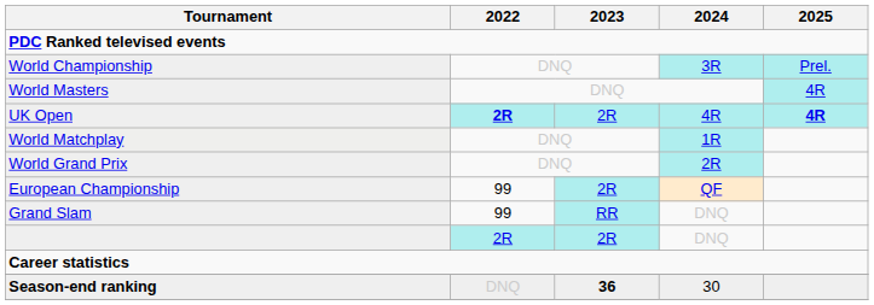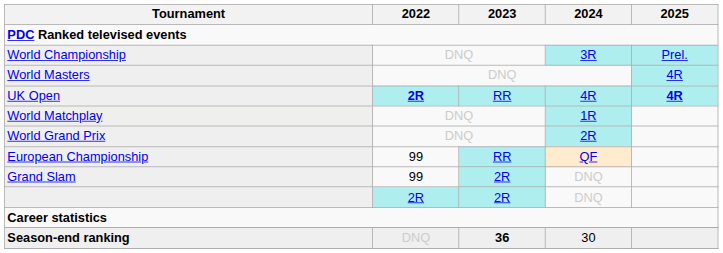 <table class="wikitable" style="width:45%; margin:0">
 <tr>
 <th>Tournament</th>
 <th>2022</th>
 <th>2023</th>
 <th>2024</th>
 <th>2025</th>
 </tr>
 <tr>
 <td colspan="15" align="left"><strong><a href='#'>PDC</a> Ranked televised events</strong></td>
 </tr>
 <tr>
 <td style="background:#efefef;"><a href='#'>World Championship</a></td>
 <td colspan="2" style="text-align:center; color:#ccc;">DNQ</td>
 <td style="text-align:center; background:#afeeee;"><a href='#'>3R</a></td>
 <td style="text-align:center; background:#afeeee;"><a href='#'>Prel.</a></td>
 </tr>
 <tr>
 <td style="background:#efefef;"><a href='#'>World Masters</a></td>
 <td colspan="3" style="text-align:center; color:#ccc;">DNQ</td>
 <td style="text-align:center; background:#afeeee;"><a href='#'>4R</a></td>
 </tr>
 <tr>
 <td style="background:#efefef;"><a href='#'>UK Open</a></td>
 <td style="text-align:center; background:#afeeee;"><strong><a href='#'>2R</a></strong></td>
-<td style="text-align:center; background:#afeeee;"><a href='#'>2R</a></td>
+<td style="text-align:center; background:#afeeee;"><a href='#'>RR</a></td>
 <td style="text-align:center; background:#afeeee;"><a href='#'>4R</a></td>
 <td style="text-align:center; background:#afeeee;"><strong><a href='#'>4R</a></strong></td>
 </tr>
 <tr>
 <td style="background:#efefed;"><a href='#'>World Matchplay</a></td>
 <td colspan="2" style="text-align:center; color:#ccc;">DNQ</td>
 <td style="text-align:center; background:#afeeee;"><a href='#'>1R</a></td>
 <td></td>
 </tr>
 <tr>
 <td style="background:#efefef;"><a href='#'>World Grand Prix</a></td>
 <td colspan="2" style="text-align:center; color:#ccc;">DNQ</td>
 <td style="text-align:center; background:#afeeee;"><a href='#'>2R</a></td>
 <td></td>
 </tr>
 <tr>
 <td style="background:#efefef;"><a href='#'>European Championship</a></td>
 <td style="text-align:center;">99</td>
-<td style="text-align:center; background:#afeeee;"><a href='#'>2R</a></td>
+<td style="text-align:center; background:#afeeee;"><a href='#'>RR</a></td>
 <td style="text-align:center; background:#ffebcd;"><a href='#'>QF</a></td>
 <td></td>
 </tr>
 <tr>
 <td style="background:#efefef;"><a href='#'>Grand Slam</a></td>
 <td style="text-align:center;">99</td>
-<td style="text-align:center; background:#afeeee;"><a href='#'>RR</a></td>
+<td style="text-align:center; background:#afeeee;"><a href='#'>2R</a></td>
 <td style="text-align:center; color:#ccc;">DNQ</td>
 <td></td>
 </tr>
 <tr>
 <td style="background:#efefef;"></td>
 <td style="text-align:center; background:#afeeee;"><a href='#'>2R</a></td>
 <td style="text-align:center; background:#afeeee;"><a href='#'>2R</a></td>
 <td style="text-align:center; color:#ccc;">DNQ</td>
 <td></td>
 </tr>
 <tr>
 <td colspan="15" align="left"><strong>Career statistics</strong></td>
 </tr>
 <tr>
 </tr>
 <tr bgcolor="efefef">
 <td align="left"><strong>Season-end ranking</strong></td>
 <td style="text-align:center; color:#ccc;">DNQ</td>
 <td style="text-align:center;"><strong>36</strong></td>
 <td style="text-align:center;">30</td>
 <td></td>
 </tr>
 <tr>
 </tr>
 </table>
